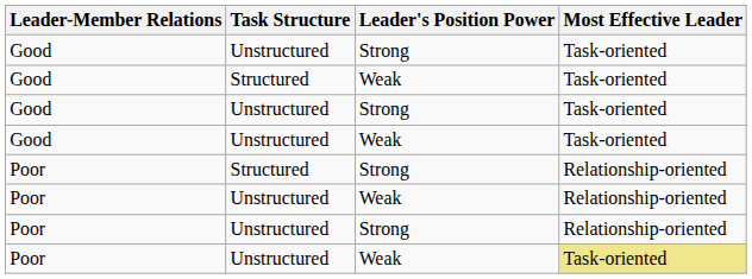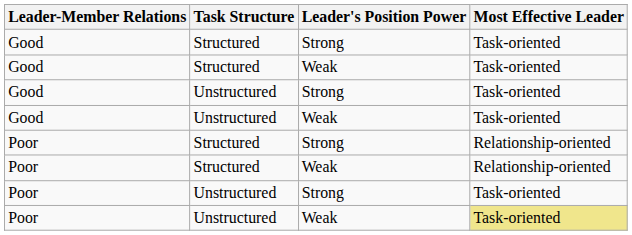 <table class="wikitable">
 <tr>
 <th>Leader-Member Relations</th>
 <th>Task Structure</th>
 <th>Leader's Position Power</th>
 <th>Most Effective Leader</th>
 </tr>
 <tr>
 <td>Good</td>
-<td>Unstructured</td>
+<td>Structured</td>
 <td>Strong</td>
 <td>Task-oriented</td>
 </tr>
 <tr>
 <td>Good</td>
 <td>Structured</td>
 <td>Weak</td>
 <td>Task-oriented</td>
 </tr>
 <tr>
 <td>Good</td>
 <td>Unstructured</td>
 <td>Strong</td>
 <td>Task-oriented</td>
 </tr>
 <tr>
 <td>Good</td>
 <td>Unstructured</td>
 <td>Weak</td>
 <td>Task-oriented</td>
 </tr>
 <tr>
 <td>Poor</td>
 <td>Structured</td>
 <td>Strong</td>
 <td>Relationship-oriented</td>
 </tr>
 <tr>
 <td>Poor</td>
-<td>Unstructured</td>
+<td>Structured</td>
 <td>Weak</td>
 <td>Relationship-oriented</td>
 </tr>
 <tr>
 <td>Poor</td>
 <td>Unstructured</td>
 <td>Strong</td>
-<td>Relationship-oriented</td>
+<td>Task-oriented</td>
 </tr>
 <tr>
 <td>Poor</td>
 <td>Unstructured</td>
 <td>Weak</td>
 <td style="background: khaki;">Task-oriented</td>
 </tr>
 </table>
